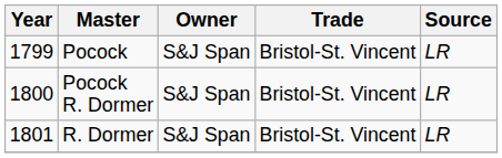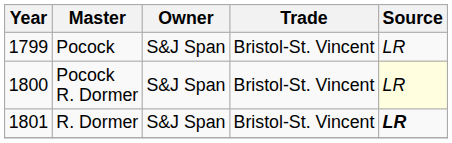 <table class=" wikitable">
 <tr>
 <th>Year</th>
 <th>Master</th>
 <th>Owner</th>
 <th>Trade</th>
 <th>Source</th>
 </tr>
 <tr>
 <td>1799</td>
 <td>Pocock</td>
 <td>S&J Span</td>
 <td>Bristol-St. Vincent</td>
 <td><em>LR</em></td>
 </tr>
 <tr>
 <td>1800</td>
 <td>Pocock<br>R. Dormer</td>
 <td>S&J Span</td>
 <td>Bristol-St. Vincent</td>
-<td><em>LR</em></td>
+<td style="background: lightyellow;"><em>LR</em></td>
 </tr>
 <tr>
 <td>1801</td>
 <td>R. Dormer</td>
 <td>S&J Span</td>
 <td>Bristol-St. Vincent</td>
-<td><em>LR</em></td>
+<td><strong><em>LR</em></strong></td>
 </tr>
 <tr>
 </tr>
 </table>
